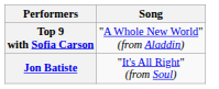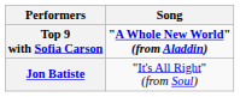 <table class="wikitable unsortable" style="text-align:center;">
 <tr>
 <th scope="col">Performers</th>
 <th scope="col">Song</th>
 </tr>
 <tr>
 <th scope="row">Top 9<br>with <a href='#'>Sofia Carson</a></th>
-<td>"<a href='#'>A Whole New World</a>"<br><em>(from <a href='#'>Aladdin</a>)</em></td>
+<td><strong>"<a href='#'>A Whole New World</a>"<br><em>(from <a href='#'>Aladdin</a>)</em></strong></td>
 </tr>
 <tr>
 <th scope="row"><a href='#'>Jon Batiste</a></th>
 <td>"<a href='#'>It's All Right</a>"<br><em>(from <a href='#'>Soul</a>)</em></td>
 </tr>
 </table>
